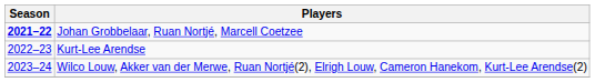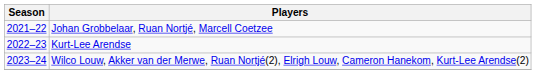 <table class="wikitable sortable">
 <tr>
 <th>Season</th>
 <th>Players</th>
 </tr>
 <tr>
-<td><strong><a href='#'>2021–22</a></strong></td>
+<td><a href='#'>2021–22</a></td>
 <td><a href='#'>Johan Grobbelaar</a>, <a href='#'>Ruan Nortjé</a>, <a href='#'>Marcell Coetzee</a> </td>
 </tr>
 <tr>
 <td><a href='#'>2022–23</a></td>
 <td><a href='#'>Kurt-Lee Arendse</a> </td>
 </tr>
 <tr>
 <td><a href='#'>2023–24</a></td>
 <td><a href='#'>Wilco Louw</a>, <a href='#'>Akker van der Merwe</a>, <a href='#'>Ruan Nortjé</a>(2), <a href='#'>Elrigh Louw</a>, <a href='#'>Cameron Hanekom</a>, <a href='#'>Kurt-Lee Arendse</a>(2) </td>
 </tr>
 <tr>
 </tr>
 </table>
